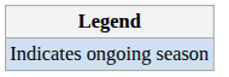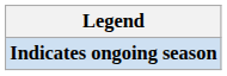 <table class="wikitable" style="text-align: center; font-size:95%">
 <tr>
 <th style="background-color: #F2F2F2; border: 1px solid #AAAAAA;" colspan="2">Legend</th>
 </tr>
 <tr>
-<td style="background: #CEE0F2">Indicates ongoing season</td>
+<td style="background: #CEE0F2"><strong>Indicates ongoing season</strong></td>
 </tr>
 </table>
